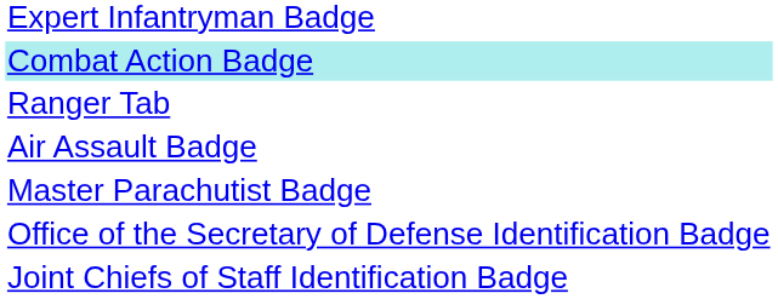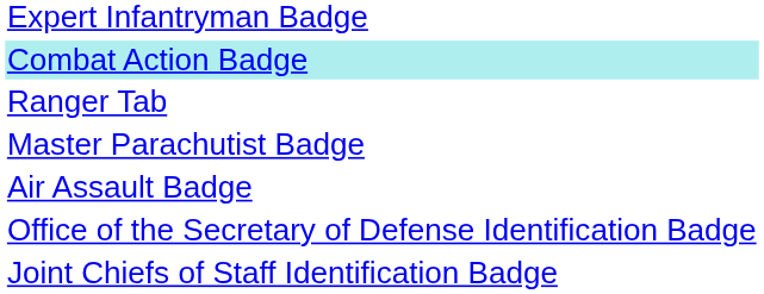 <table>
 <tr>
 <td> <a href='#'>Expert Infantryman Badge</a></td>
 </tr>
 <tr>
 <td style="background: paleturquoise;"> <a href='#'>Combat Action Badge</a></td>
 </tr>
 <tr>
 <td> <a href='#'>Ranger Tab</a></td>
 </tr>
 <tr>
-<td> <a href='#'>Air Assault Badge</a></td>
+<td> <a href='#'>Master Parachutist Badge</a></td>
 </tr>
 <tr>
-<td> <a href='#'>Master Parachutist Badge</a></td>
+<td> <a href='#'>Air Assault Badge</a></td>
 </tr>
 <tr>
 <td> <a href='#'>Office of the Secretary of Defense Identification Badge</a></td>
 </tr>
 <tr>
 <td> <a href='#'>Joint Chiefs of Staff Identification Badge</a></td>
 </tr>
 </table>
